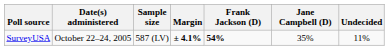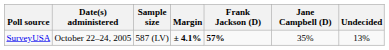 <table class="wikitable" style="font-size:90%">
 <tr valign=bottom>
 <th>Poll source</th>
 <th>Date(s)<br>administered</th>
 <th>Sample<br>size</th>
 <th>Margin<br></th>
 <th style="width:100px;">Frank<br>Jackson (D)</th>
 <th style="width:100px;">Jane<br>Campbell (D)</th>
 <th>Undecided</th>
 </tr>
 <tr>
 <td><a href='#'>SurveyUSA</a></td>
 <td align=center>October 22–24, 2005</td>
 <td align=center>587 (LV)</td>
 <td align=center><strong>± 4.1%</strong></td>
-<td><strong>54%</strong></td>
+<td><strong>57%</strong></td>
 <td align=center>35%</td>
-<td align=center>11%</td>
+<td align=center>13%</td>
 </tr>
 </table>
